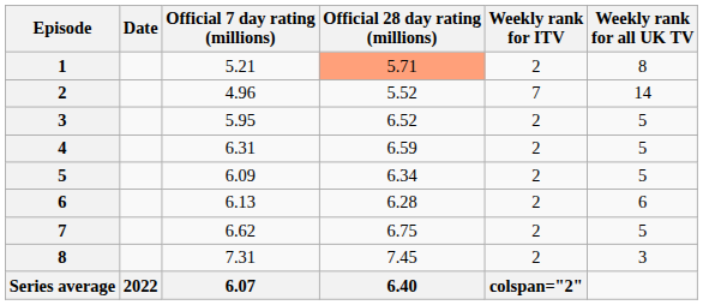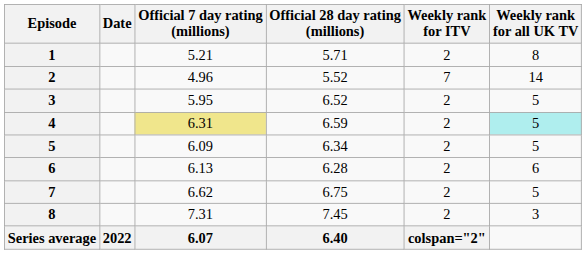 <table class="wikitable sortable" style="text-align:center">
 <tr>
 <th scope="col">Episode</th>
 <th scope="col">Date</th>
 <th scope="col">Official 7 day rating<br>(millions)</th>
 <th scope="col">Official 28 day rating<br>(millions)</th>
 <th scope="col">Weekly rank<br>for ITV</th>
 <th scope="col">Weekly rank<br>for all UK TV</th>
 </tr>
 <tr>
 <th scope="row">1</th>
 <td></td>
 <td>5.21</td>
-<td style="background: lightsalmon;">5.71</td>
+<td>5.71</td>
 <td>2</td>
 <td>8</td>
 </tr>
 <tr>
 <th scope="row">2</th>
 <td></td>
 <td>4.96</td>
 <td>5.52</td>
 <td>7</td>
 <td>14</td>
 </tr>
 <tr>
 <th scope="row">3</th>
 <td></td>
 <td>5.95</td>
 <td>6.52</td>
 <td>2</td>
 <td>5</td>
 </tr>
 <tr>
 <th scope="row">4</th>
 <td></td>
-<td>6.31</td>
+<td style="background: khaki;">6.31</td>
 <td>6.59</td>
 <td>2</td>
-<td>5</td>
+<td style="background: paleturquoise;">5</td>
 </tr>
 <tr>
 <th scope="row">5</th>
 <td></td>
 <td>6.09</td>
 <td>6.34</td>
 <td>2</td>
 <td>5</td>
 </tr>
 <tr>
 <th scope="row">6</th>
 <td></td>
 <td>6.13</td>
 <td>6.28</td>
 <td>2</td>
 <td>6</td>
 </tr>
 <tr>
 <th scope="row">7</th>
 <td></td>
 <td>6.62</td>
 <td>6.75</td>
 <td>2</td>
 <td>5</td>
 </tr>
 <tr>
 <th scope="row">8</th>
 <td></td>
 <td>7.31</td>
 <td>7.45</td>
 <td>2</td>
 <td>3</td>
 </tr>
 <tr>
 <th scope="row">Series average</th>
 <th>2022</th>
 <th>6.07</th>
 <th>6.40</th>
 <th>colspan="2" </th>
 </tr>
 </table>
